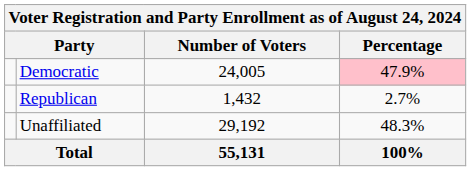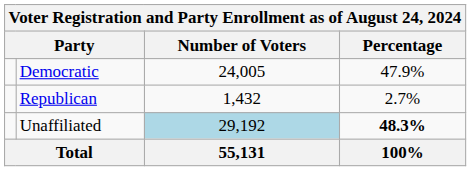 <table class=wikitable>
 <tr>
 <th colspan = 6>Voter Registration and Party Enrollment as of August 24, 2024</th>
 </tr>
 <tr>
 <th colspan = 2>Party</th>
 <th>Number of Voters</th>
 <th>Percentage</th>
 </tr>
 <tr>
 <td></td>
 <td><a href='#'>Democratic</a></td>
 <td style="text-align:center;">24,005</td>
-<td style="background: pink; text-align:center;">47.9%</td>
+<td style="text-align:center;">47.9%</td>
 </tr>
 <tr>
 <td></td>
 <td><a href='#'>Republican</a></td>
 <td style="text-align:center;">1,432</td>
 <td style="text-align:center;">2.7%</td>
 </tr>
 <tr>
 <td></td>
 <td>Unaffiliated</td>
-<td style="text-align:center;">29,192</td>
-<td style="text-align:center;">48.3%</td>
+<td style="background: lightblue; text-align:center;">29,192</td>
+<td style="text-align:center;"><strong>48.3%</strong></td>
 </tr>
 <tr>
 <th colspan = 2>Total</th>
 <th style="text-align:center;">55,131</th>
 <th style="text-align:center;">100%</th>
 </tr>
 </table>
